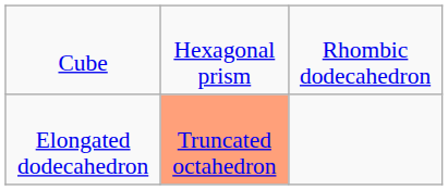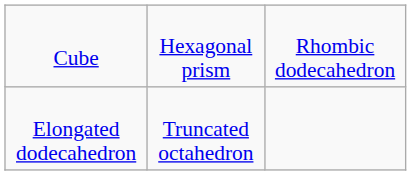 <table class=wikitable align=right width=300>
 <tr align=center>
 <td><br><a href='#'>Cube</a></td>
 <td><br><a href='#'>Hexagonal prism</a></td>
 <td><br><a href='#'>Rhombic dodecahedron</a></td>
 </tr>
 <tr align=center>
 <td><br><a href='#'>Elongated dodecahedron</a></td>
-<td style="background: lightsalmon;"><br><a href='#'>Truncated octahedron</a></td>
+<td><br><a href='#'>Truncated octahedron</a></td>
 </tr>
 </table>
